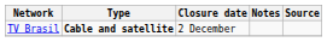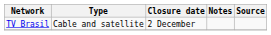 <table class="wikitable sortable">
 <tr>
 <th>Network</th>
 <th>Type</th>
 <th>Closure date</th>
 <th>Notes</th>
 <th>Source</th>
 </tr>
 <tr>
 <td><a href='#'>TV Brasil</a></td>
-<td><strong>Cable and satellite</strong></td>
+<td>Cable and satellite</td>
 <td>2 December</td>
 <td></td>
 <td></td>
 </tr>
 <tr>
 </tr>
 </table>
